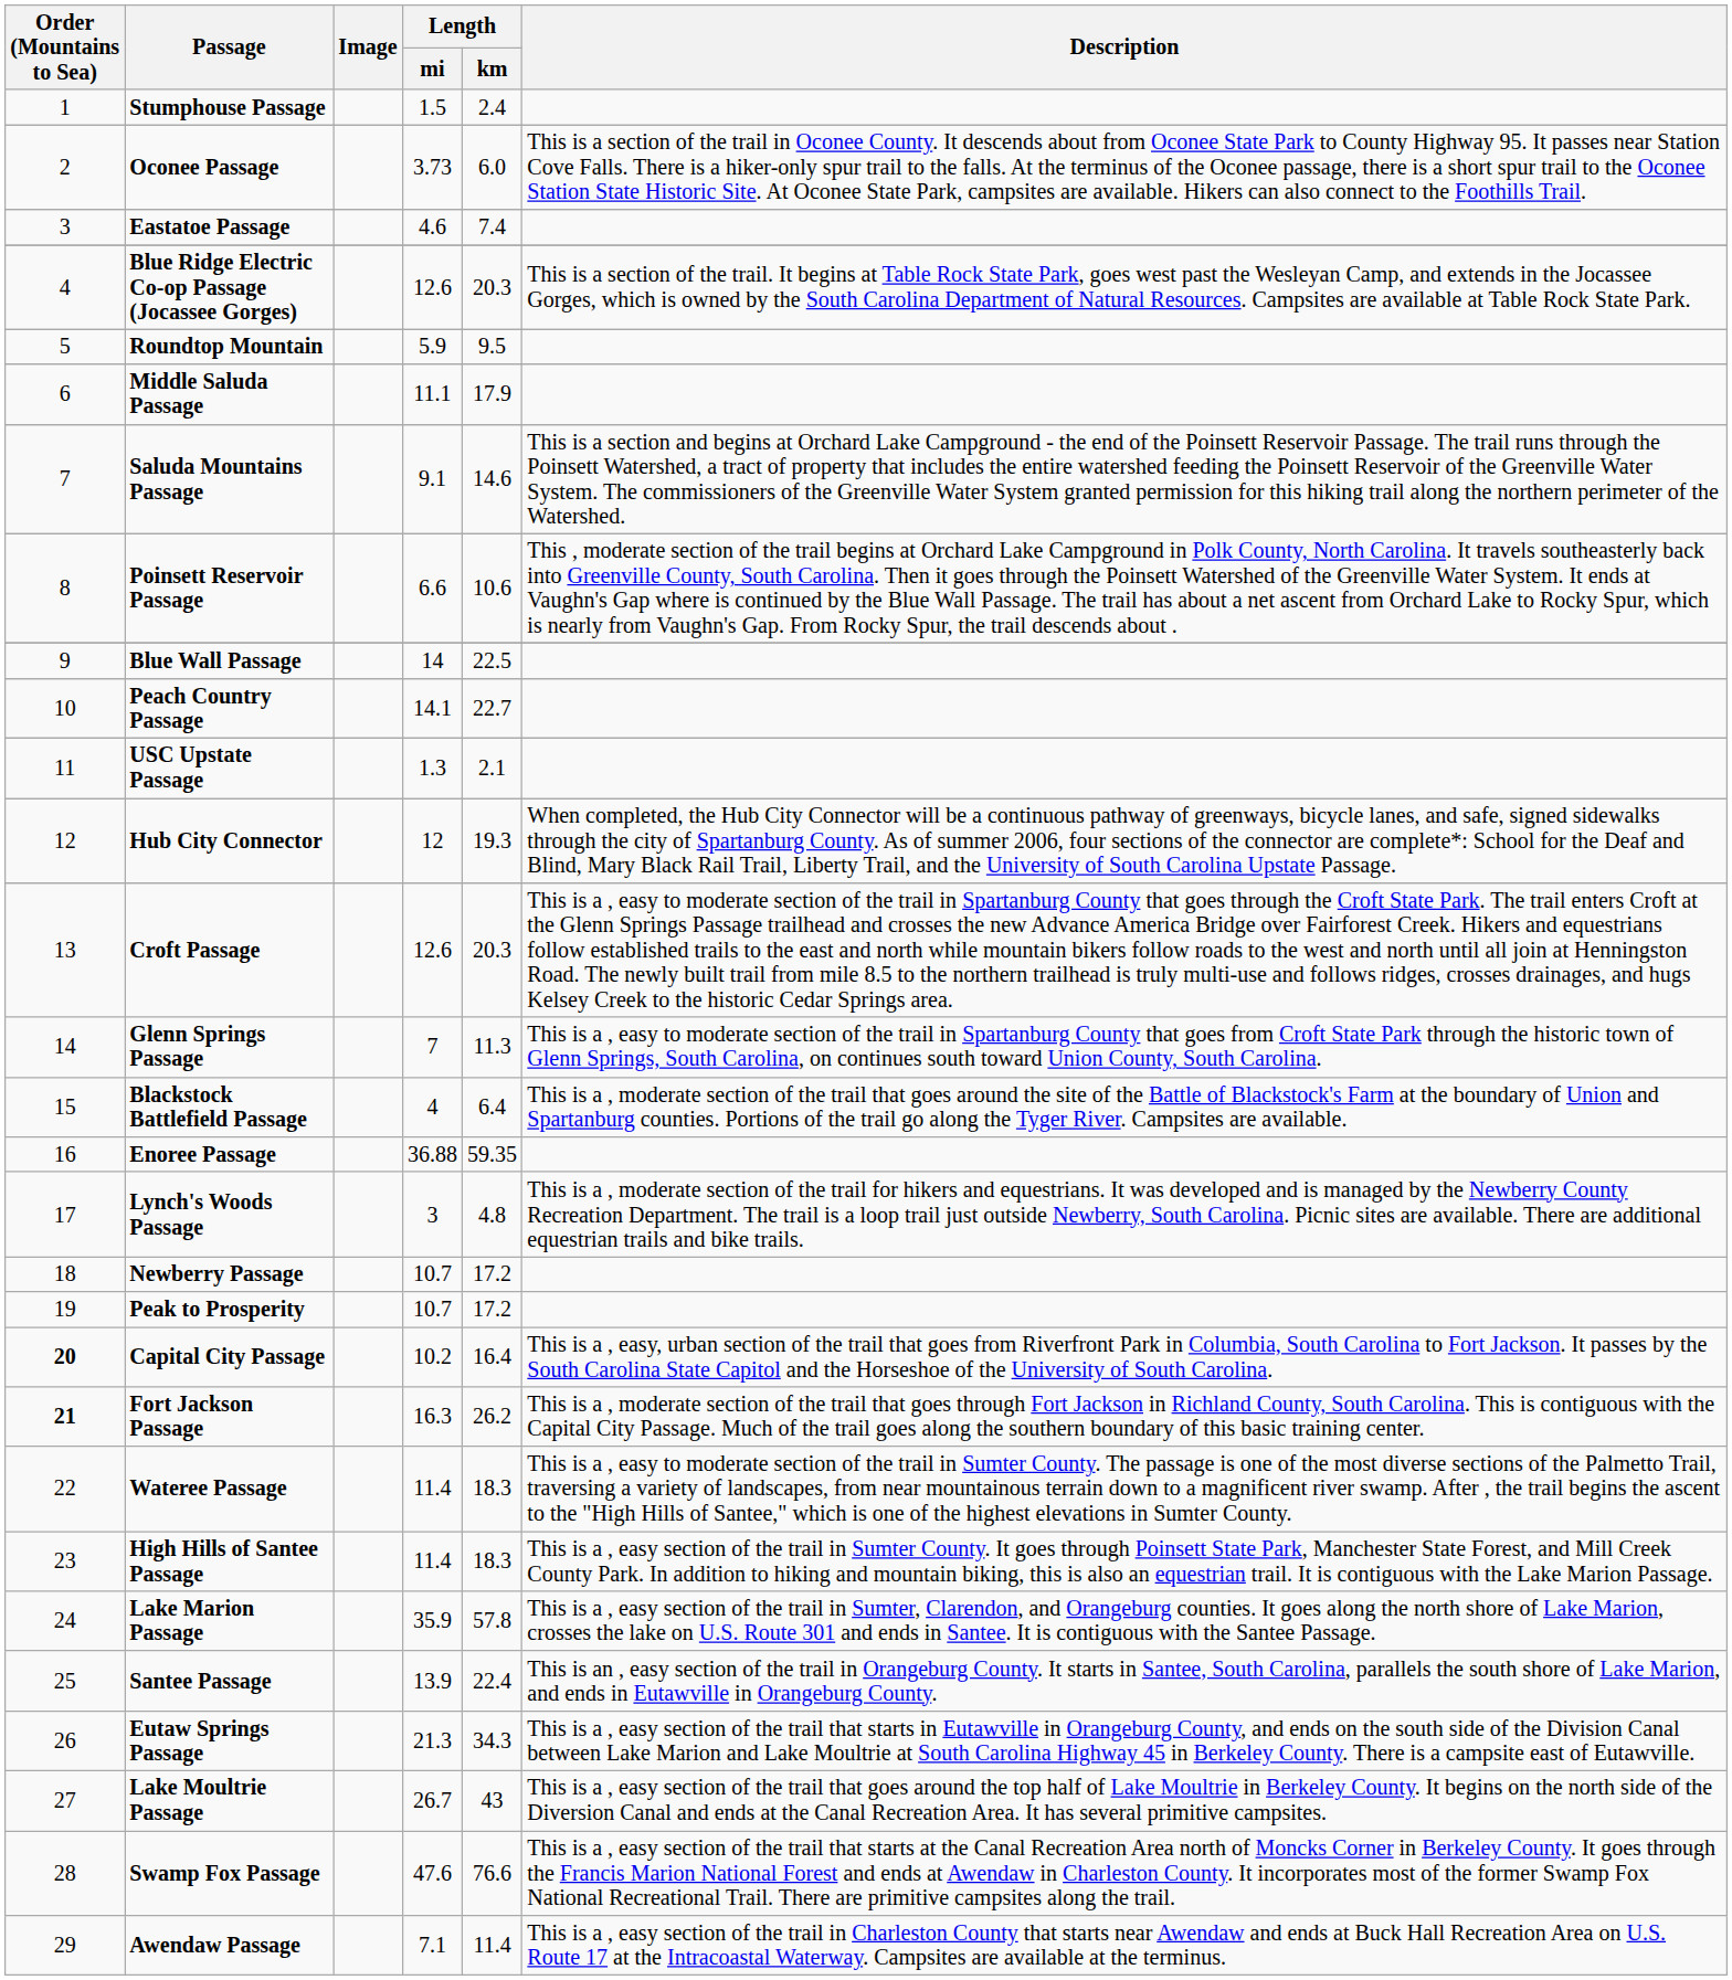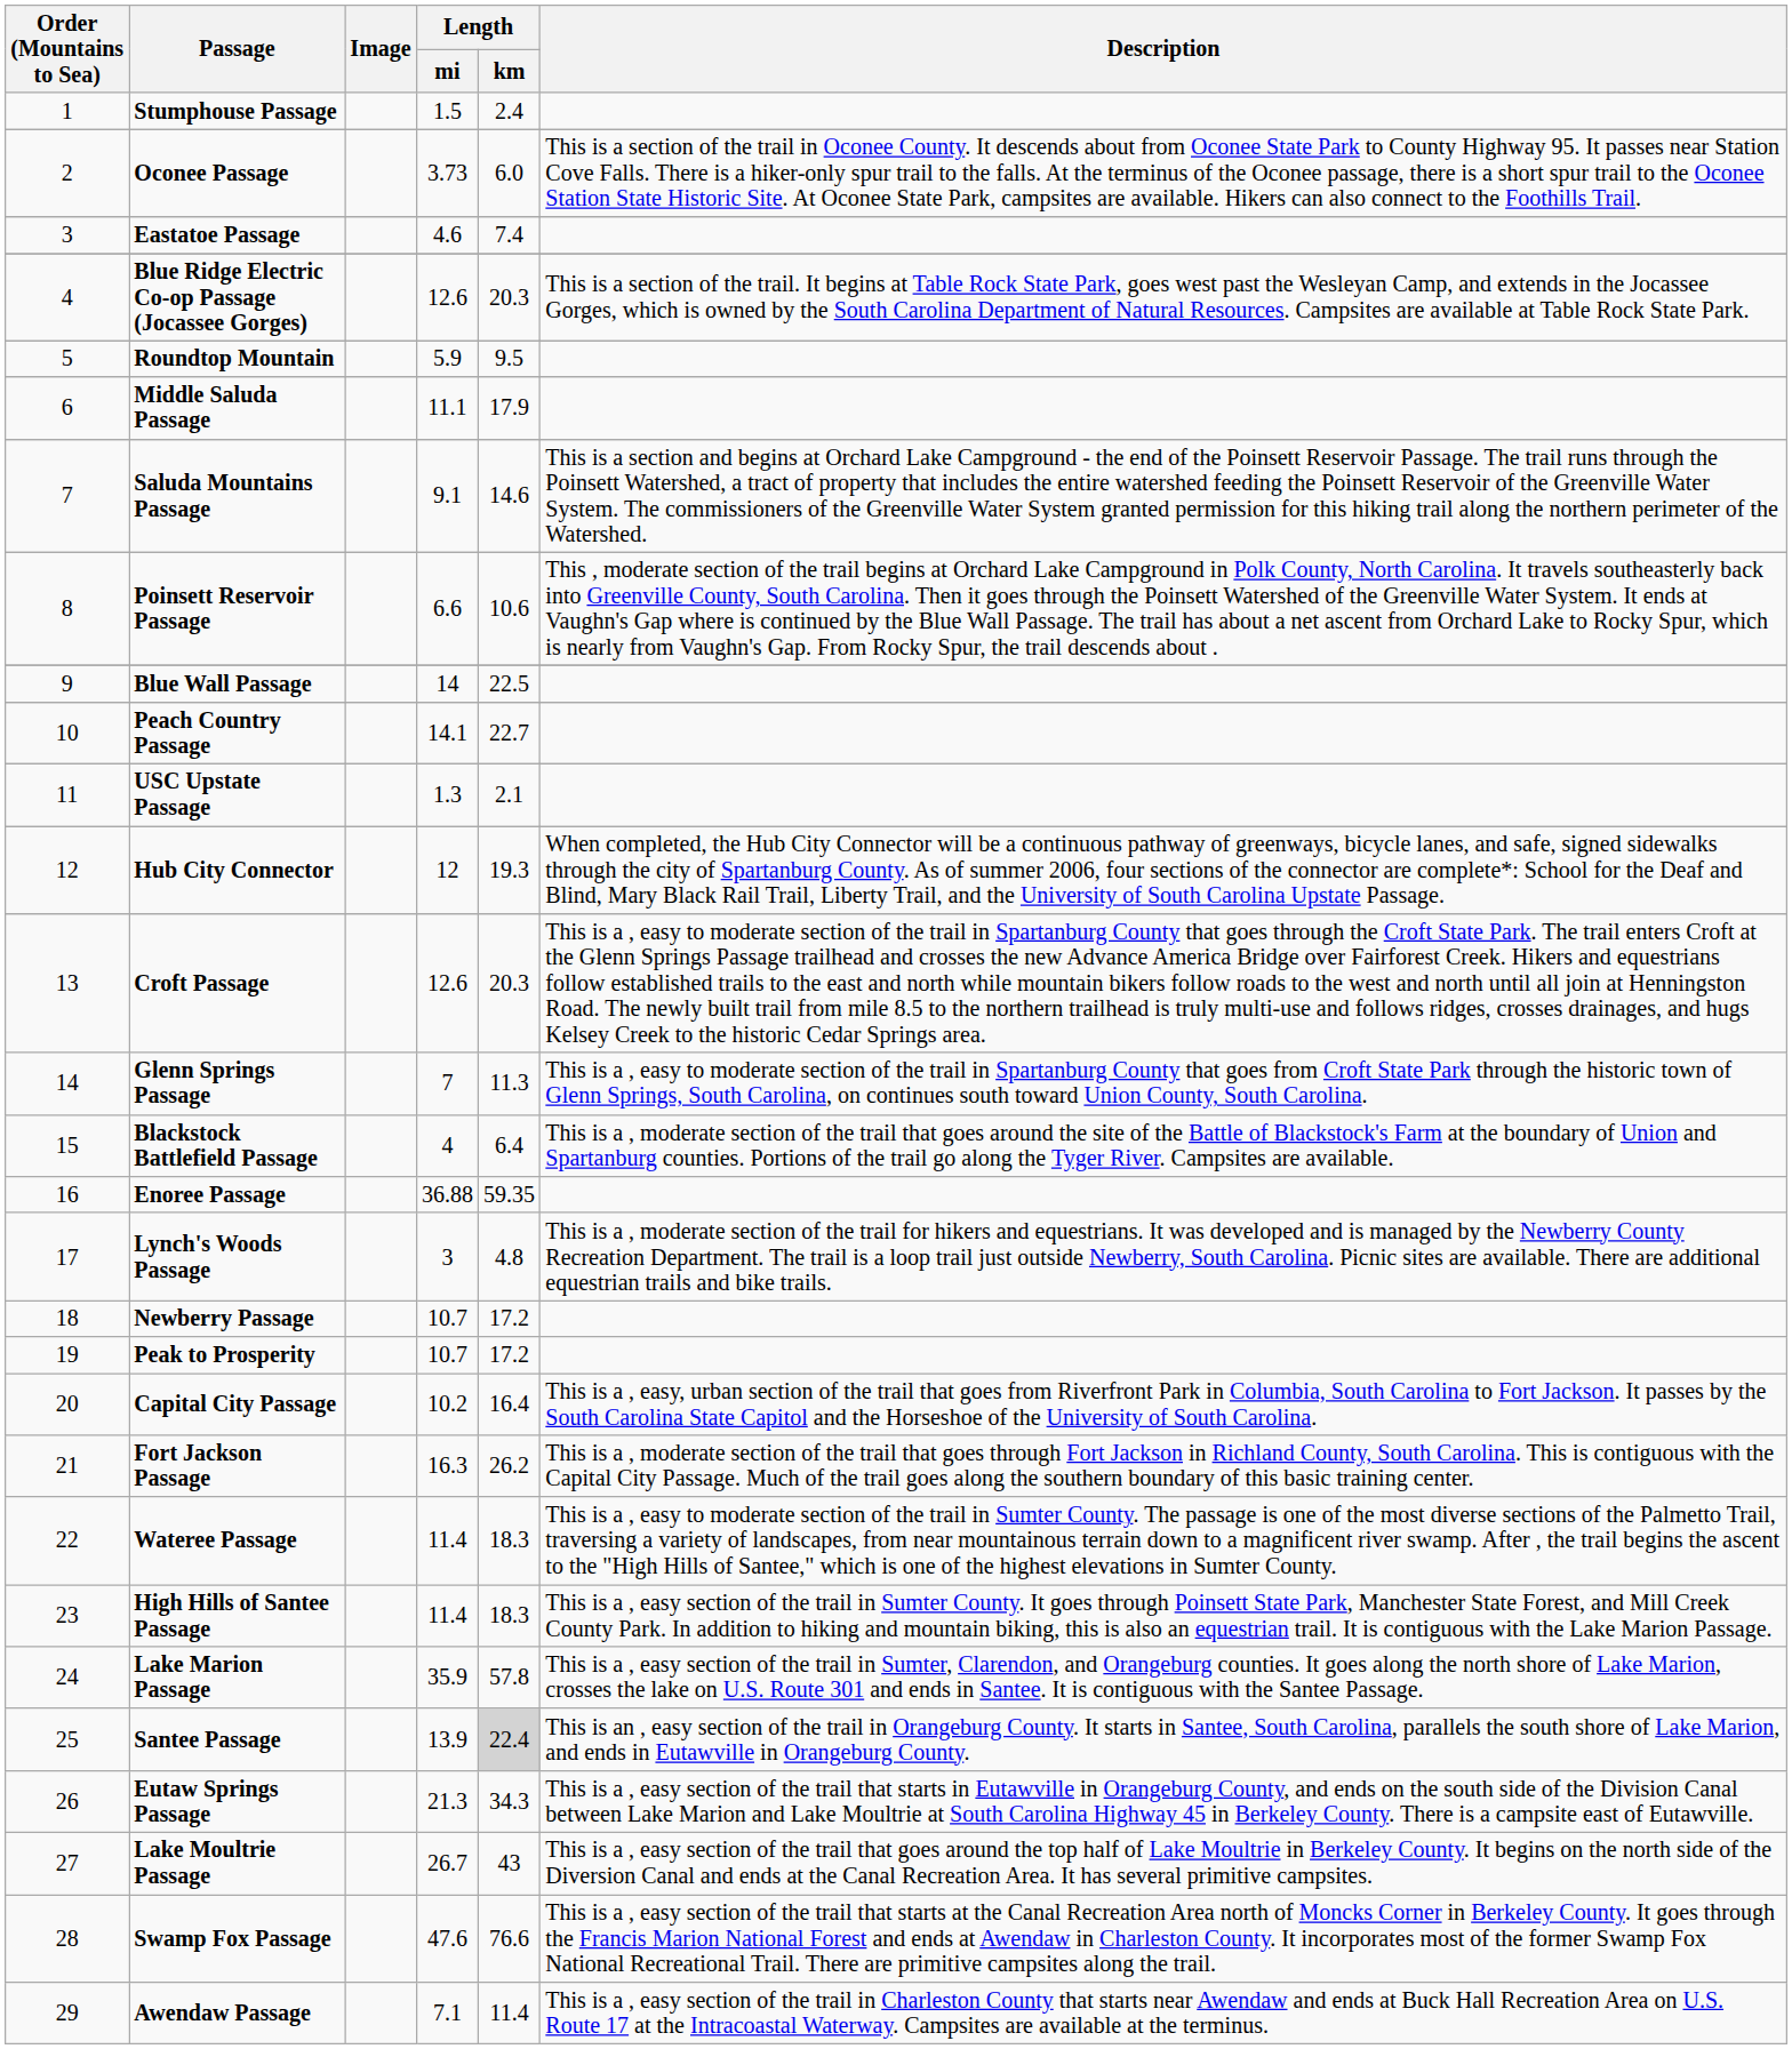 <table class="wikitable sortable" style="text-align:center">
 <tr>
 <th rowspan="2" data-sort-type="number" style="width: 20pt;">Order (Mountains to Sea)</th>
 <th rowspan="2">Passage</th>
 <th rowspan="2" class="unsortable">Image</th>
 <th colspan="2">Length</th>
 <th rowspan="2" class="unsortable">Description</th>
 </tr>
 <tr>
 <th>mi</th>
 <th>km</th>
 </tr>
 <tr style=>
 <td>1</td>
 <td align="left"><strong>Stumphouse Passage</strong></td>
 <td></td>
 <td>1.5</td>
 <td>2.4</td>
 <td align="left"></td>
 </tr>
 <tr>
 </tr>
 <tr style=>
 <td>2</td>
 <td align="left"><strong>Oconee Passage</strong></td>
 <td></td>
 <td>3.73</td>
 <td>6.0</td>
 <td align="left">This is a  section of the trail in <a href='#'>Oconee County</a>. It descends about  from <a href='#'>Oconee State Park</a> to County Highway 95. It passes near Station Cove Falls. There is a hiker-only spur trail to the falls. At the terminus of the Oconee passage, there is a short spur trail to the <a href='#'>Oconee Station State Historic Site</a>. At Oconee State Park, campsites are available. Hikers can also connect to the <a href='#'>Foothills Trail</a>.</td>
 </tr>
 <tr>
 </tr>
 <tr style=>
 <td>3</td>
 <td align="left"><strong>Eastatoe Passage</strong></td>
 <td></td>
 <td>4.6</td>
 <td>7.4</td>
 <td align="left"></td>
 </tr>
 <tr>
 </tr>
 <tr style=>
 <td>4</td>
 <td align="left"><strong>Blue Ridge Electric Co-op Passage (Jocassee Gorges)</strong></td>
 <td></td>
 <td>12.6</td>
 <td>20.3</td>
 <td align="left">This is a  section of the trail. It begins at <a href='#'>Table Rock State Park</a>, goes west past the Wesleyan Camp, and extends in the Jocassee Gorges, which is owned by the <a href='#'>South Carolina Department of Natural Resources</a>. Campsites are available at Table Rock State Park.</td>
 </tr>
 <tr>
 </tr>
 <tr style=>
 <td>5</td>
 <td align="left"><strong>Roundtop Mountain</strong></td>
 <td></td>
 <td>5.9</td>
 <td>9.5</td>
 <td align="left"></td>
 </tr>
 <tr>
 </tr>
 <tr style=>
 <td>6</td>
 <td align="left"><strong>Middle Saluda Passage</strong></td>
 <td></td>
 <td>11.1</td>
 <td>17.9</td>
 <td align="left"></td>
 </tr>
 <tr>
 </tr>
 <tr style=>
 <td>7</td>
 <td align="left"><strong>Saluda Mountains Passage</strong></td>
 <td></td>
 <td>9.1</td>
 <td>14.6</td>
 <td align="left">This is a  section and begins at Orchard Lake Campground - the end of the Poinsett Reservoir Passage. The trail runs through the Poinsett Watershed, a  tract of property that includes the entire watershed feeding the Poinsett Reservoir of the Greenville Water System. The commissioners of the Greenville Water System granted permission for this hiking trail along the northern perimeter of the Watershed.</td>
 </tr>
 <tr>
 </tr>
 <tr style=>
 <td>8</td>
 <td align="left"><strong>Poinsett Reservoir Passage</strong></td>
 <td></td>
 <td>6.6</td>
 <td>10.6</td>
 <td align="left">This , moderate section of the trail begins at Orchard Lake Campground in <a href='#'>Polk County, North Carolina</a>. It travels southeasterly back into <a href='#'>Greenville County, South Carolina</a>. Then it goes through the Poinsett Watershed of the Greenville Water System. It ends at Vaughn's Gap where is continued by the Blue Wall Passage. The trail has about a  net ascent from Orchard Lake to Rocky Spur, which is nearly  from Vaughn's Gap. From Rocky Spur, the trail descends about .</td>
 </tr>
 <tr>
 </tr>
 <tr style=>
 <td>9</td>
 <td align="left"><strong>Blue Wall Passage</strong></td>
 <td></td>
 <td>14</td>
 <td>22.5</td>
 <td align="left"></td>
 </tr>
 <tr>
 </tr>
 <tr style=>
 <td>10</td>
 <td align="left"><strong>Peach Country Passage</strong></td>
 <td></td>
 <td>14.1</td>
 <td>22.7</td>
 <td align="left"></td>
 </tr>
 <tr>
 </tr>
 <tr style=>
 <td>11</td>
 <td align="left"><strong>USC Upstate Passage</strong></td>
 <td></td>
 <td>1.3</td>
 <td>2.1</td>
 <td align="left"></td>
 </tr>
 <tr>
 </tr>
 <tr style=>
 <td>12</td>
 <td align="left"><strong>Hub City Connector</strong></td>
 <td></td>
 <td>12</td>
 <td>19.3</td>
 <td align="left">When completed, the Hub City Connector will be a continuous  pathway of greenways, bicycle lanes, and safe, signed sidewalks through the city of <a href='#'>Spartanburg County</a>. As of summer 2006, four sections of the connector are complete*: School for the Deaf and Blind, Mary Black Rail Trail, Liberty Trail, and the <a href='#'>University of South Carolina Upstate</a> Passage.</td>
 </tr>
 <tr>
 </tr>
 <tr style=>
 <td>13</td>
 <td align="left"><strong>Croft Passage</strong></td>
 <td></td>
 <td>12.6</td>
 <td>20.3</td>
 <td align="left">This is a , easy to moderate section of the trail in <a href='#'>Spartanburg County</a> that goes through the <a href='#'>Croft State Park</a>. The trail enters Croft at the Glenn Springs Passage trailhead and crosses the new  Advance America Bridge over Fairforest Creek. Hikers and equestrians follow established trails to the east and north while mountain bikers follow roads to the west and north until all join at Henningston Road. The newly built trail from mile 8.5 to the northern trailhead is truly multi-use and follows ridges, crosses drainages, and hugs Kelsey Creek to the historic Cedar Springs area.</td>
 </tr>
 <tr>
 <td>14</td>
 <td align="left"><strong>Glenn Springs Passage</strong></td>
 <td></td>
 <td>7</td>
 <td>11.3</td>
 <td align="left">This is a , easy to moderate section of the trail in <a href='#'>Spartanburg County</a> that goes from <a href='#'>Croft State Park</a> through the historic town of <a href='#'>Glenn Springs, South Carolina</a>, on continues south toward <a href='#'>Union County, South Carolina</a>.</td>
 </tr>
 <tr>
 <td>15</td>
 <td align="left"><strong>Blackstock Battlefield Passage</strong></td>
 <td></td>
 <td>4</td>
 <td>6.4</td>
 <td align="left">This is a , moderate section of the trail that goes around the site of the <a href='#'>Battle of Blackstock's Farm</a> at the boundary of <a href='#'>Union</a> and <a href='#'>Spartanburg</a> counties. Portions of the trail go along the <a href='#'>Tyger River</a>. Campsites are available.</td>
 </tr>
 <tr>
 <td>16</td>
 <td align="left"><strong>Enoree Passage</strong></td>
 <td></td>
 <td>36.88</td>
 <td>59.35</td>
 <td align="left"></td>
 </tr>
 <tr>
 <td>17</td>
 <td align="left"><strong>Lynch's Woods Passage</strong></td>
 <td></td>
 <td>3</td>
 <td>4.8</td>
 <td align="left">This is a , moderate section of the trail for hikers and equestrians. It was developed and is managed by the <a href='#'>Newberry County</a> Recreation Department. The trail is a loop trail just outside <a href='#'>Newberry, South Carolina</a>. Picnic sites are available. There are additional equestrian trails and bike trails.</td>
 </tr>
 <tr>
 <td>18</td>
 <td align="left"><strong>Newberry Passage</strong></td>
 <td></td>
 <td>10.7</td>
 <td>17.2</td>
 <td align="left"></td>
 </tr>
 <tr>
 <td>19</td>
 <td align="left"><strong>Peak to Prosperity</strong></td>
 <td></td>
 <td>10.7</td>
 <td>17.2</td>
 <td align="left"></td>
 </tr>
 <tr>
-<td><strong>20</strong></td>
+<td>20</td>
 <td align="left"><strong>Capital City Passage</strong></td>
 <td></td>
 <td>10.2</td>
 <td>16.4</td>
 <td align="left">This is a , easy, urban section of the trail that goes from Riverfront Park in <a href='#'>Columbia, South Carolina</a> to  <a href='#'>Fort Jackson</a>. It passes by the <a href='#'>South Carolina State Capitol</a> and the Horseshoe of the <a href='#'>University of South Carolina</a>.</td>
 </tr>
 <tr>
-<td><strong>21</strong></td>
+<td>21</td>
 <td align="left"><strong>Fort Jackson Passage</strong></td>
 <td></td>
 <td>16.3</td>
 <td>26.2</td>
 <td align="left">This is a , moderate section of the trail that goes through <a href='#'>Fort Jackson</a> in <a href='#'>Richland County, South Carolina</a>. This is contiguous with the Capital City Passage. Much of the trail goes along the southern boundary of this basic training center.</td>
 </tr>
 <tr>
 <td>22</td>
 <td align="left"><strong>Wateree Passage</strong></td>
 <td></td>
 <td>11.4</td>
 <td>18.3</td>
 <td align="left">This is a , easy to moderate section of the trail in <a href='#'>Sumter County</a>. The passage is one of the most diverse sections of the Palmetto Trail, traversing a variety of landscapes, from near mountainous terrain down to a magnificent river swamp. After , the trail begins the ascent to the "High Hills of Santee," which is one of the highest elevations in Sumter County.</td>
 </tr>
 <tr>
 <td>23</td>
 <td align="left"><strong>High Hills of Santee Passage</strong></td>
 <td></td>
 <td>11.4</td>
 <td>18.3</td>
 <td align="left">This is a , easy section of the trail in <a href='#'>Sumter County</a>. It goes through <a href='#'>Poinsett State Park</a>, Manchester State Forest, and Mill Creek County Park. In addition to hiking and mountain biking, this is also an <a href='#'>equestrian</a> trail. It is contiguous with the Lake Marion Passage.</td>
 </tr>
 <tr>
 <td>24</td>
 <td align="left"><strong>Lake Marion Passage</strong></td>
 <td></td>
 <td>35.9</td>
 <td>57.8</td>
 <td align="left">This is a , easy section of the trail in <a href='#'>Sumter</a>, <a href='#'>Clarendon</a>, and <a href='#'>Orangeburg</a> counties. It goes along the north shore of <a href='#'>Lake Marion</a>, crosses the lake on <a href='#'>U.S. Route&nbsp;301</a> and ends in <a href='#'>Santee</a>. It is contiguous with the Santee Passage.</td>
 </tr>
 <tr>
 <td>25</td>
 <td align="left"><strong>Santee Passage</strong></td>
 <td></td>
 <td>13.9</td>
-<td>22.4</td>
+<td style="background: lightgrey;">22.4</td>
 <td align="left">This is an , easy section of the trail in <a href='#'>Orangeburg County</a>. It starts in <a href='#'>Santee, South Carolina</a>,  parallels the south shore of <a href='#'>Lake Marion</a>, and ends in <a href='#'>Eutawville</a> in <a href='#'>Orangeburg County</a>.</td>
 </tr>
 <tr>
 <td>26</td>
 <td align="left"><strong>Eutaw Springs Passage</strong></td>
 <td></td>
 <td>21.3</td>
 <td>34.3</td>
 <td align="left">This is a , easy section of the trail that starts in <a href='#'>Eutawville</a> in <a href='#'>Orangeburg County</a>, and ends on the south side of the Division Canal between Lake Marion and Lake Moultrie at <a href='#'>South Carolina Highway&nbsp;45</a> in <a href='#'>Berkeley County</a>. There is a campsite east of Eutawville.</td>
 </tr>
 <tr>
 <td>27</td>
 <td align="left"><strong>Lake Moultrie Passage</strong></td>
 <td></td>
 <td>26.7</td>
 <td>43</td>
 <td align="left">This is a , easy section of the trail that goes around the top half of <a href='#'>Lake Moultrie</a> in <a href='#'>Berkeley County</a>. It begins on the north side of the Diversion Canal and ends at the Canal Recreation Area. It has several primitive campsites.</td>
 </tr>
 <tr>
 <td>28</td>
 <td align="left"><strong>Swamp Fox Passage</strong></td>
 <td></td>
 <td>47.6</td>
 <td>76.6</td>
 <td align="left">This is a , easy section of the trail that starts at the Canal Recreation Area north of <a href='#'>Moncks Corner</a> in <a href='#'>Berkeley County</a>. It goes through the <a href='#'>Francis Marion National Forest</a> and ends at <a href='#'>Awendaw</a> in <a href='#'>Charleston County</a>. It incorporates most of the former Swamp Fox National Recreational Trail. There are primitive campsites along the trail.</td>
 </tr>
 <tr>
 <td>29</td>
 <td align="left"><strong>Awendaw Passage</strong></td>
 <td></td>
 <td>7.1</td>
 <td>11.4</td>
 <td align="left">This is a , easy section of the trail in <a href='#'>Charleston County</a> that starts near <a href='#'>Awendaw</a> and ends at Buck Hall Recreation Area on <a href='#'>U.S. Route 17</a> at the <a href='#'>Intracoastal Waterway</a>. Campsites are available at the terminus.</td>
 </tr>
 </table>
